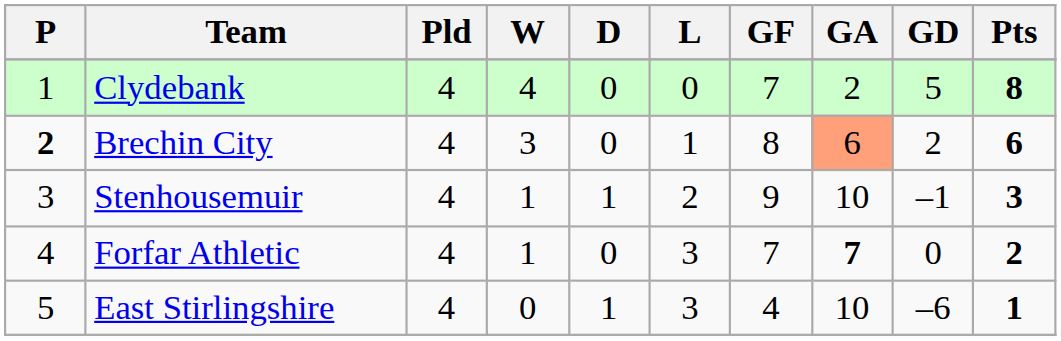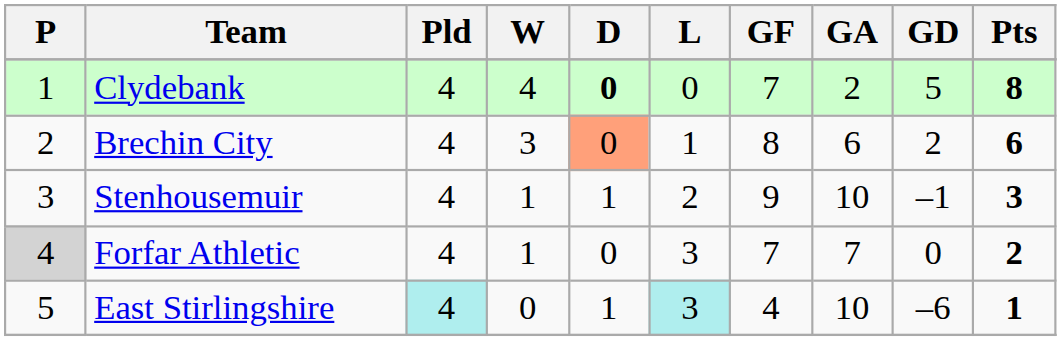 <table class="wikitable" style="text-align: center;">
 <tr>
 <th width=30>P</th>
 <th width=140>Team</th>
 <th width=30>Pld</th>
 <th width=30>W</th>
 <th width=30>D</th>
 <th width=30>L</th>
 <th width=30>GF</th>
 <th width=30>GA</th>
 <th width=30>GD</th>
 <th width=30>Pts</th>
 </tr>
 <tr>
 </tr>
 <tr style="background:#ccffcc;">
 <td>1</td>
 <td align=left><a href='#'>Clydebank</a></td>
 <td>4</td>
 <td>4</td>
-<td>0</td>
+<td><strong>0</strong></td>
 <td>0</td>
 <td>7</td>
 <td>2</td>
 <td>5</td>
 <td><strong>8</strong></td>
 </tr>
 <tr>
-<td><strong>2</strong></td>
+<td>2</td>
 <td align=left><a href='#'>Brechin City</a></td>
 <td>4</td>
 <td>3</td>
-<td>0</td>
+<td style="background: lightsalmon;">0</td>
 <td>1</td>
 <td>8</td>
-<td style="background: lightsalmon;">6</td>
+<td>6</td>
 <td>2</td>
 <td><strong>6</strong></td>
 </tr>
 <tr>
 <td>3</td>
 <td align=left><a href='#'>Stenhousemuir</a></td>
 <td>4</td>
 <td>1</td>
 <td>1</td>
 <td>2</td>
 <td>9</td>
 <td>10</td>
 <td>–1</td>
 <td><strong>3</strong></td>
 </tr>
 <tr>
-<td>4</td>
+<td style="background: lightgrey;">4</td>
 <td align=left><a href='#'>Forfar Athletic</a></td>
 <td>4</td>
 <td>1</td>
 <td>0</td>
 <td>3</td>
 <td>7</td>
-<td><strong>7</strong></td>
+<td>7</td>
 <td>0</td>
 <td><strong>2</strong></td>
 </tr>
 <tr>
 <td>5</td>
 <td align=left><a href='#'>East Stirlingshire</a></td>
-<td>4</td>
+<td style="background: paleturquoise;">4</td>
 <td>0</td>
 <td>1</td>
-<td>3</td>
+<td style="background: paleturquoise;">3</td>
 <td>4</td>
 <td>10</td>
 <td>–6</td>
 <td><strong>1</strong></td>
 </tr>
 <tr>
 </tr>
 </table>
